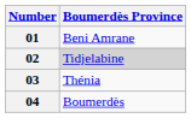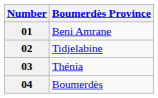 <table class="wikitable sortable">
 <tr>
 <th><a href='#'>Number</a></th>
 <th><a href='#'>Boumerdès Province</a></th>
 </tr>
 <tr>
 <th>01</th>
 <td><a href='#'>Beni Amrane</a></td>
 </tr>
 <tr>
 <th>02</th>
-<td style="background: lightgrey;"><a href='#'>Tidjelabine</a></td>
+<td><a href='#'>Tidjelabine</a></td>
 </tr>
 <tr>
 <th>03</th>
 <td><a href='#'>Thénia</a></td>
 </tr>
 <tr>
 <th>04</th>
 <td><a href='#'>Boumerdès</a></td>
 </tr>
 </table>
